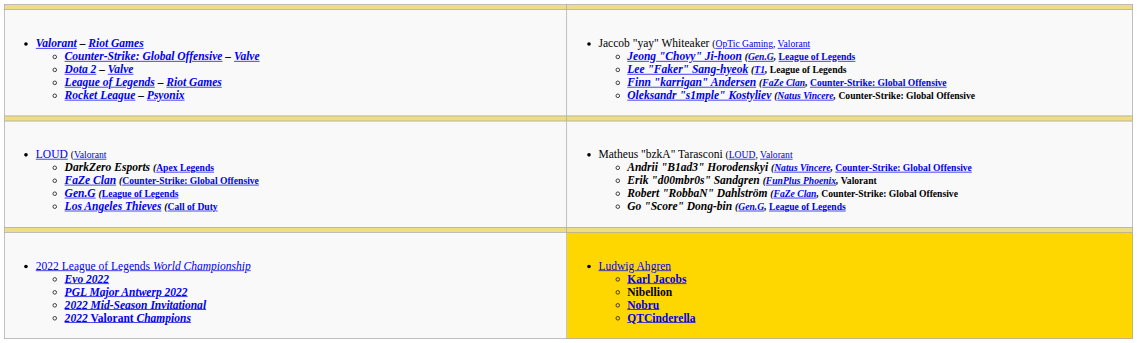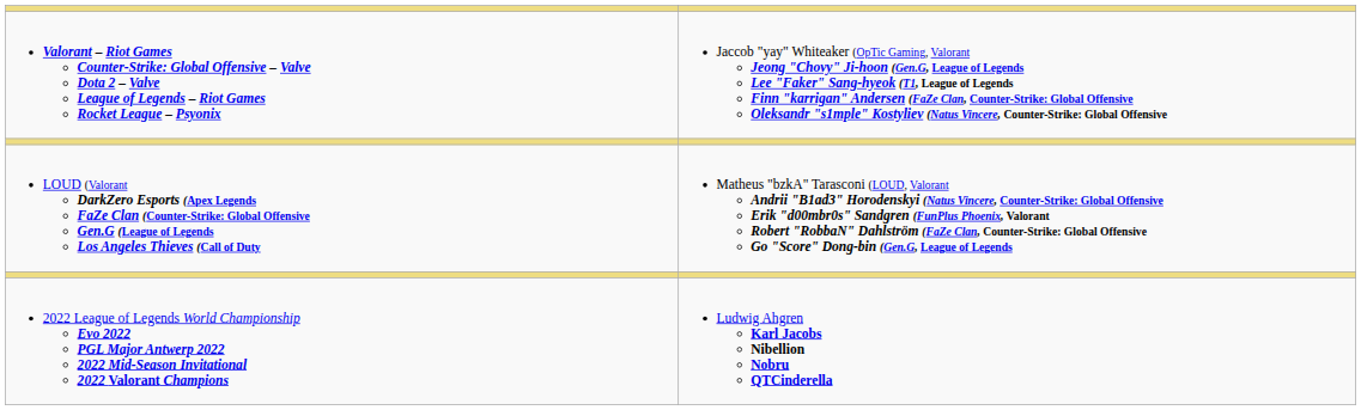 <table class=wikitable>
 <tr>
 <th style="background:#eedd82; width:60em;"></th>
 <th style="background:#eedd82; width:60em;"></th>
 </tr>
 <tr>
 <td valign="top"><br><ul><li><strong><em><a href='#'>Valorant</a><em> – <a href='#'>Riot Games</a><strong><ul><li></em><a href='#'>Counter-Strike: Global Offensive</a><em> – <a href='#'>Valve</a></li><li></em><a href='#'>Dota 2</a><em> – <a href='#'>Valve</a></li><li></em><a href='#'>League of Legends</a><em> – <a href='#'>Riot Games</a></li><li></em><a href='#'>Rocket League</a><em> – <a href='#'>Psyonix</a></li></ul></li></ul></td>
 <td valign="top"><br><ul><li></strong>Jaccob "yay" Whiteaker <small>(<a href='#'>OpTic Gaming</a>, </em><a href='#'>Valorant</a><em></small><strong><ul><li><a href='#'>Jeong "Chovy" Ji-hoon</a> <small>(<a href='#'>Gen.G</a>, </em><a href='#'>League of Legends</a><em></small></li><li><a href='#'>Lee "Faker" Sang-hyeok</a> <small>(<a href='#'>T1</a>, </em>League of Legends<em></small></li><li><a href='#'>Finn "karrigan" Andersen</a> <small>(<a href='#'>FaZe Clan</a>, </em><a href='#'>Counter-Strike: Global Offensive</a><em></small></li><li><a href='#'>Oleksandr "s1mple" Kostyliev</a> <small>(<a href='#'>Natus Vincere</a>, </em>Counter-Strike: Global Offensive<em></small></li></ul></li></ul></td>
 </tr>
 <tr>
 <th style="background:#eedd82"></th>
 <th style="background:#eedd82"></th>
 </tr>
 <tr>
 <td valign="top"><br><ul><li></strong><a href='#'>LOUD</a> <small>(</em><a href='#'>Valorant</a><em></small><strong><ul><li>DarkZero Esports <small>(</em><a href='#'>Apex Legends</a><em></small></li><li><a href='#'>FaZe Clan</a> <small>(</em><a href='#'>Counter-Strike: Global Offensive</a><em></small></li><li><a href='#'>Gen.G</a> <small>(</em><a href='#'>League of Legends</a><em></small></li><li><a href='#'>Los Angeles Thieves</a> <small>(</em><a href='#'>Call of Duty</a><em></small></li></ul></li></ul></td>
 <td valign="top"><br><ul><li></strong>Matheus "bzkA" Tarasconi <small>(<a href='#'>LOUD</a>, </em><a href='#'>Valorant</a><em></small><strong><ul><li>Andrii "B1ad3" Horodenskyi <small>(<a href='#'>Natus Vincere</a>, </em><a href='#'>Counter-Strike: Global Offensive</a><em></small></li><li>Erik "d00mbr0s" Sandgren <small>(<a href='#'>FunPlus Phoenix</a>, </em>Valorant<em></small></li><li>Robert "RobbaN" Dahlström <small>(<a href='#'>FaZe Clan</a>, </em>Counter-Strike: Global Offensive<em></small></li><li>Go "Score" Dong-bin <small>(<a href='#'>Gen.G</a>, </em><a href='#'>League of Legends</a><em></small></li></ul></li></ul></td>
 </tr>
 <tr>
 <th style="background:#eedd82"></th>
 <th style="background:#eedd82"></th>
 </tr>
 <tr>
 <td valign="top"><br><ul><li></strong><a href='#'>2022 </em>League of Legends<em> World Championship</a><strong><ul><li><a href='#'>Evo 2022</a></li><li><a href='#'>PGL Major Antwerp 2022</a></li><li><a href='#'>2022 Mid-Season Invitational</a></li><li><a href='#'>2022 </em>Valorant<em> Champions</a></li></ul></li></ul></td>
-<td valign="top" style="background: gold;"><br><ul><li></strong><a href='#'>Ludwig Ahgren</a><strong><ul><li><a href='#'>Karl Jacobs</a></li><li>Nibellion</li><li><a href='#'>Nobru</a></li><li><a href='#'>QTCinderella</a></li></ul></li></ul></td>
+<td valign="top"><br><ul><li></strong><a href='#'>Ludwig Ahgren</a><strong><ul><li><a href='#'>Karl Jacobs</a></li><li>Nibellion</li><li><a href='#'>Nobru</a></li><li><a href='#'>QTCinderella</a></li></ul></li></ul></td>
 </tr>
 </table>
